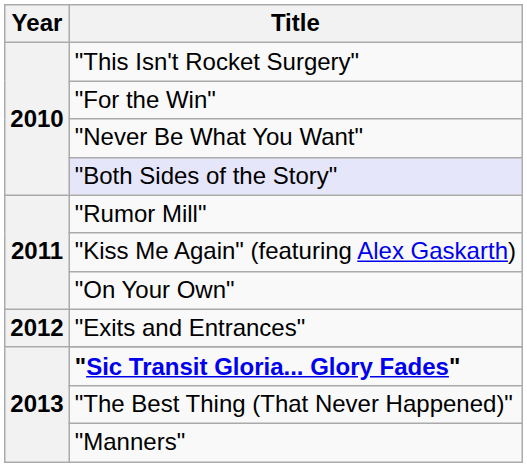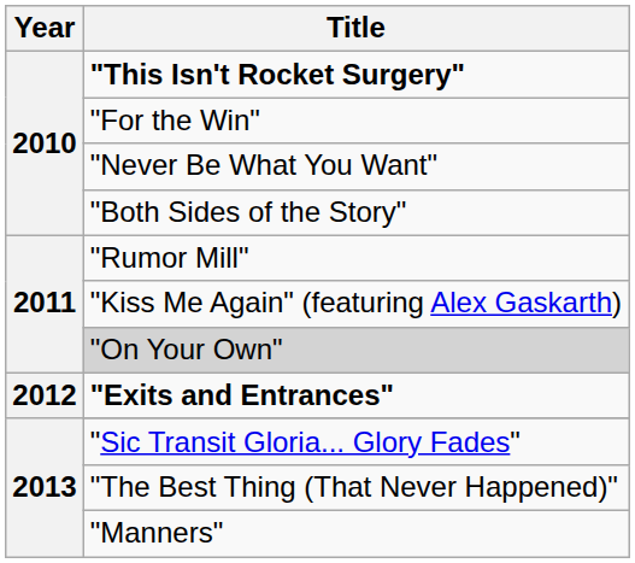 <table class="wikitable plainrowheaders">
 <tr>
 <th scope="col">Year</th>
 <th scope="col">Title</th>
 </tr>
 <tr>
 <th scope="row" rowspan="4">2010</th>
-<td>"This Isn't Rocket Surgery"</td>
+<td><strong>"This Isn't Rocket Surgery"</strong></td>
 </tr>
 <tr>
 <td>"For the Win"</td>
 </tr>
 <tr>
 <td>"Never Be What You Want"</td>
 </tr>
 <tr>
-<td style="background: lavender;">"Both Sides of the Story"</td>
+<td>"Both Sides of the Story"</td>
 </tr>
 <tr>
 <th scope="row" rowspan="3">2011</th>
 <td>"Rumor Mill"</td>
 </tr>
 <tr>
 <td>"Kiss Me Again" (featuring <a href='#'>Alex Gaskarth</a>)</td>
 </tr>
 <tr>
-<td>"On Your Own"</td>
+<td style="background: lightgrey;">"On Your Own"</td>
 </tr>
 <tr>
 <th scope="row">2012</th>
-<td>"Exits and Entrances"</td>
+<td><strong>"Exits and Entrances"</strong></td>
 </tr>
 <tr>
 <th scope="row" rowspan="4">2013</th>
 </tr>
 <tr>
-<td><strong>"<a href='#'>Sic Transit Gloria... Glory Fades</a>"</strong></td>
+<td>"<a href='#'>Sic Transit Gloria... Glory Fades</a>"</td>
 </tr>
 <tr>
 <td>"The Best Thing (That Never Happened)"</td>
 </tr>
 <tr>
 <td>"Manners"</td>
 </tr>
 </table>
